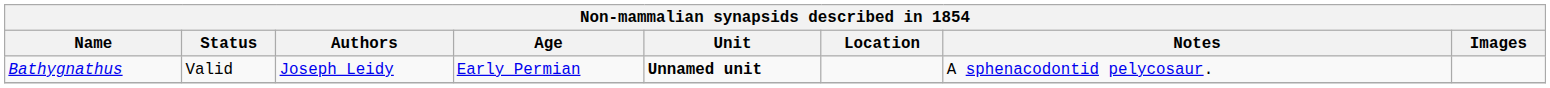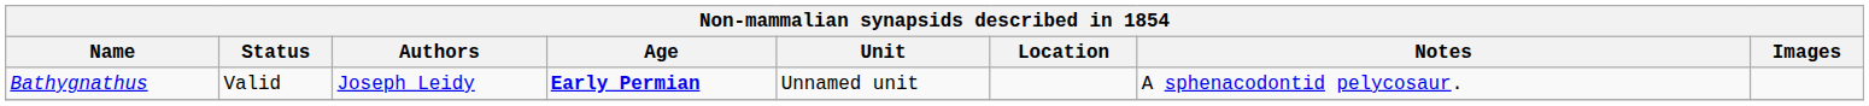 <table class="wikitable" align="center" width="100%">
 <tr>
 <th colspan="9">Non-mammalian synapsids described in 1854</th>
 </tr>
 <tr>
 <th>Name</th>
 <th>Status</th>
 <th>Authors</th>
 <th>Age</th>
 <th>Unit</th>
 <th>Location</th>
 <th width="33%" class="unsortable">Notes</th>
 <th class="unsortable">Images</th>
 </tr>
 <tr>
 <td><em><a href='#'>Bathygnathus</a></em></td>
 <td>Valid</td>
 <td><a href='#'>Joseph Leidy</a></td>
-<td><a href='#'>Early Permian</a></td>
-<td><strong>Unnamed unit</strong></td>
+<td><strong><a href='#'>Early Permian</a></strong></td>
+<td>Unnamed unit</td>
 <td></td>
 <td>A <a href='#'>sphenacodontid</a> <a href='#'>pelycosaur</a>.</td>
 <td></td>
 </tr>
 <tr>
 </tr>
 </table>
